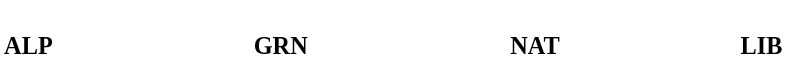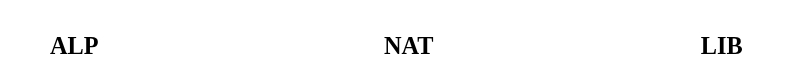 <table style="width:50%; text-align:center;">
 <tr style="color:white;">
 <td style="color:white; background:"><strong>56</strong></td>
-<td style="background:"><strong>4</strong></td>
 <td style="background:"><strong>9</strong></td>
 <td style="background:"><strong>19</strong></td>
 </tr>
 <tr>
 <td><span><strong>ALP</strong></span></td>
-<td><span><strong>GRN</strong></span></td>
 <td><span><strong>NAT</strong></span></td>
 <td><span><strong>LIB</strong></span></td>
 </tr>
 </table>
